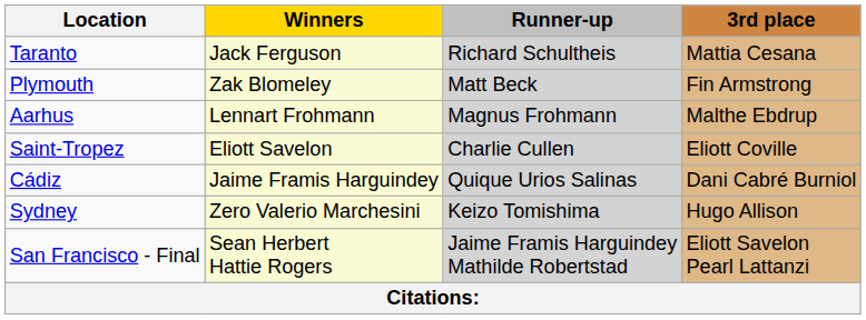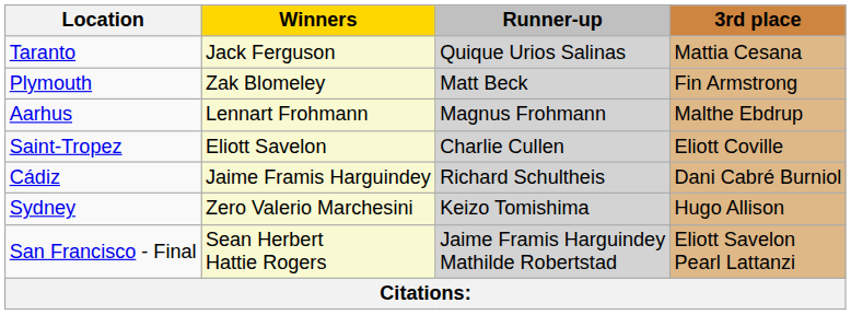 <table class="wikitable">
 <tr align=center>
 <th>Location</th>
 <td bgcolor=#FFD700><strong>Winners</strong></td>
 <td bgcolor=#C0C0C0><strong>Runner-up</strong></td>
 <td bgcolor=#CD853F><strong>3rd place</strong></td>
 </tr>
 <tr>
 <td> <a href='#'>Taranto</a></td>
 <td bgcolor=#FAFAD2> Jack Ferguson</td>
-<td bgcolor=#D3D3D3> Richard Schultheis</td>
+<td bgcolor=#D3D3D3> Quique Urios Salinas</td>
 <td bgcolor=#DEB887> Mattia Cesana</td>
 </tr>
 <tr>
 <td> <a href='#'>Plymouth</a></td>
 <td bgcolor=#FAFAD2> Zak Blomeley</td>
 <td bgcolor=#D3D3D3> Matt Beck</td>
 <td bgcolor=#DEB887> Fin Armstrong</td>
 </tr>
 <tr>
 <td> <a href='#'>Aarhus</a></td>
 <td bgcolor=#FAFAD2> Lennart Frohmann</td>
 <td bgcolor=#D3D3D3> Magnus Frohmann</td>
 <td bgcolor=#DEB887> Malthe Ebdrup</td>
 </tr>
 <tr>
 <td> <a href='#'>Saint-Tropez</a></td>
 <td bgcolor=#FAFAD2> Eliott Savelon</td>
 <td bgcolor=#D3D3D3> Charlie Cullen</td>
 <td bgcolor=#DEB887> Eliott Coville</td>
 </tr>
 <tr>
 <td> <a href='#'>Cádiz</a></td>
 <td bgcolor=#FAFAD2> Jaime Framis Harguindey</td>
-<td bgcolor=#D3D3D3> Quique Urios Salinas</td>
+<td bgcolor=#D3D3D3> Richard Schultheis</td>
 <td bgcolor=#DEB887> Dani Cabré Burniol</td>
 </tr>
 <tr>
 <td> <a href='#'>Sydney</a></td>
 <td bgcolor=#FAFAD2> Zero Valerio Marchesini</td>
 <td bgcolor=#D3D3D3> Keizo Tomishima</td>
 <td bgcolor=#DEB887> Hugo Allison</td>
 </tr>
 <tr>
 <td> <a href='#'>San Francisco</a> - Final</td>
 <td bgcolor=#FAFAD2> Sean Herbert <br>  Hattie Rogers</td>
 <td bgcolor=#D3D3D3> Jaime Framis Harguindey <br>  Mathilde Robertstad</td>
 <td bgcolor=#DEB887> Eliott Savelon <br>  Pearl Lattanzi</td>
 </tr>
 <tr>
 <th colspan="5">Citations: </th>
 </tr>
 </table>
